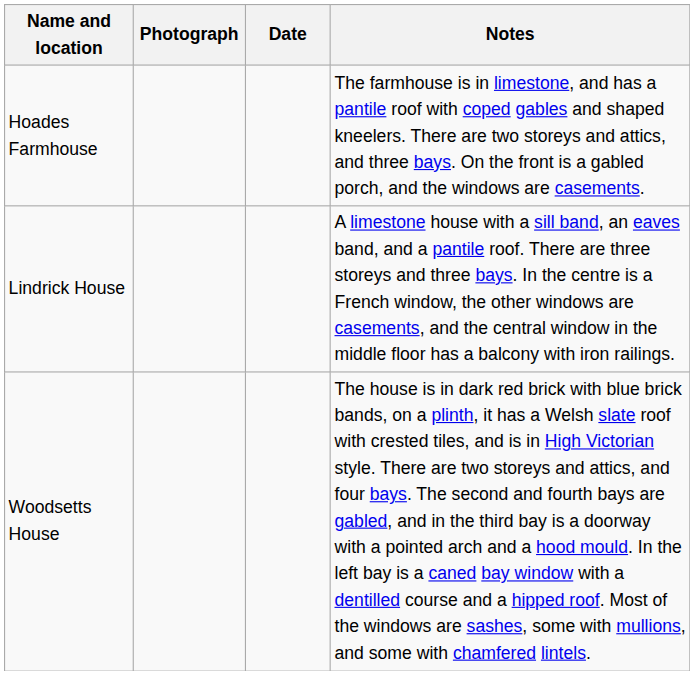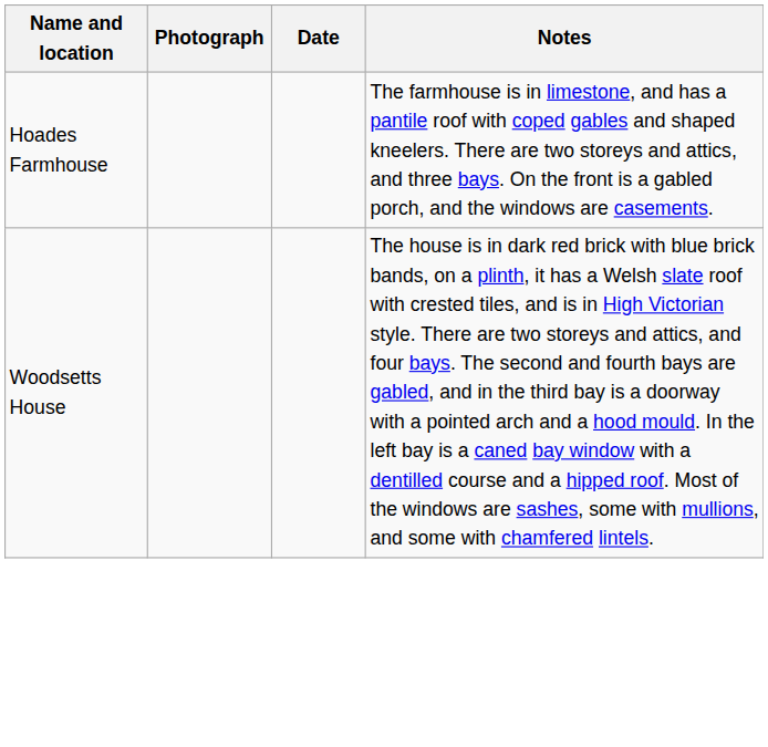 <table class="wikitable sortable plainrowheaders" style="width:100%;border:0px;text-align:left;line-height:150%;">
 <tr>
 <th scope="col"  style="width:150px">Name and location</th>
 <th scope="col"  style="width:100px" class="unsortable">Photograph</th>
 <th scope="col"  style="width:120px">Date</th>
 <th scope="col"  style="width:650px" class="unsortable">Notes</th>
 </tr>
 <tr>
 <td>Hoades Farmhouse<br><small></small></td>
 <td></td>
 <td align="center"></td>
 <td>The farmhouse is in <a href='#'>limestone</a>, and has a <a href='#'>pantile</a> roof with <a href='#'>coped</a> <a href='#'>gables</a> and shaped kneelers.  There are two storeys and attics, and three <a href='#'>bays</a>.  On the front is a gabled porch, and the windows are <a href='#'>casements</a>.</td>
 </tr>
 <tr>
-<td>Lindrick House<br><small></small></td>
-<td></td>
-<td align="center"></td>
-<td>A <a href='#'>limestone</a> house with a <a href='#'>sill band</a>, an <a href='#'>eaves</a> band, and a <a href='#'>pantile</a> roof.  There are three storeys and three <a href='#'>bays</a>.  In the centre is a French window, the other windows are <a href='#'>casements</a>, and the central window in the middle floor has a balcony with iron railings.</td>
-</tr>
-<tr>
 <td>Woodsetts House<br><small></small></td>
 <td></td>
 <td align="center"></td>
 <td>The house is in dark red brick with blue brick bands, on a <a href='#'>plinth</a>, it has a Welsh <a href='#'>slate</a> roof with crested tiles, and is in <a href='#'>High Victorian</a> style.  There are two storeys and attics, and four <a href='#'>bays</a>.  The second and fourth bays are <a href='#'>gabled</a>, and in the third bay is a doorway with a pointed arch and a <a href='#'>hood mould</a>.  In the left bay is a <a href='#'>caned</a> <a href='#'>bay window</a> with a <a href='#'>dentilled</a> course and a <a href='#'>hipped roof</a>.  Most of the windows are <a href='#'>sashes</a>, some with <a href='#'>mullions</a>, and some with <a href='#'>chamfered</a> <a href='#'>lintels</a>.</td>
 </tr>
 <tr>
 </tr>
 </table>
